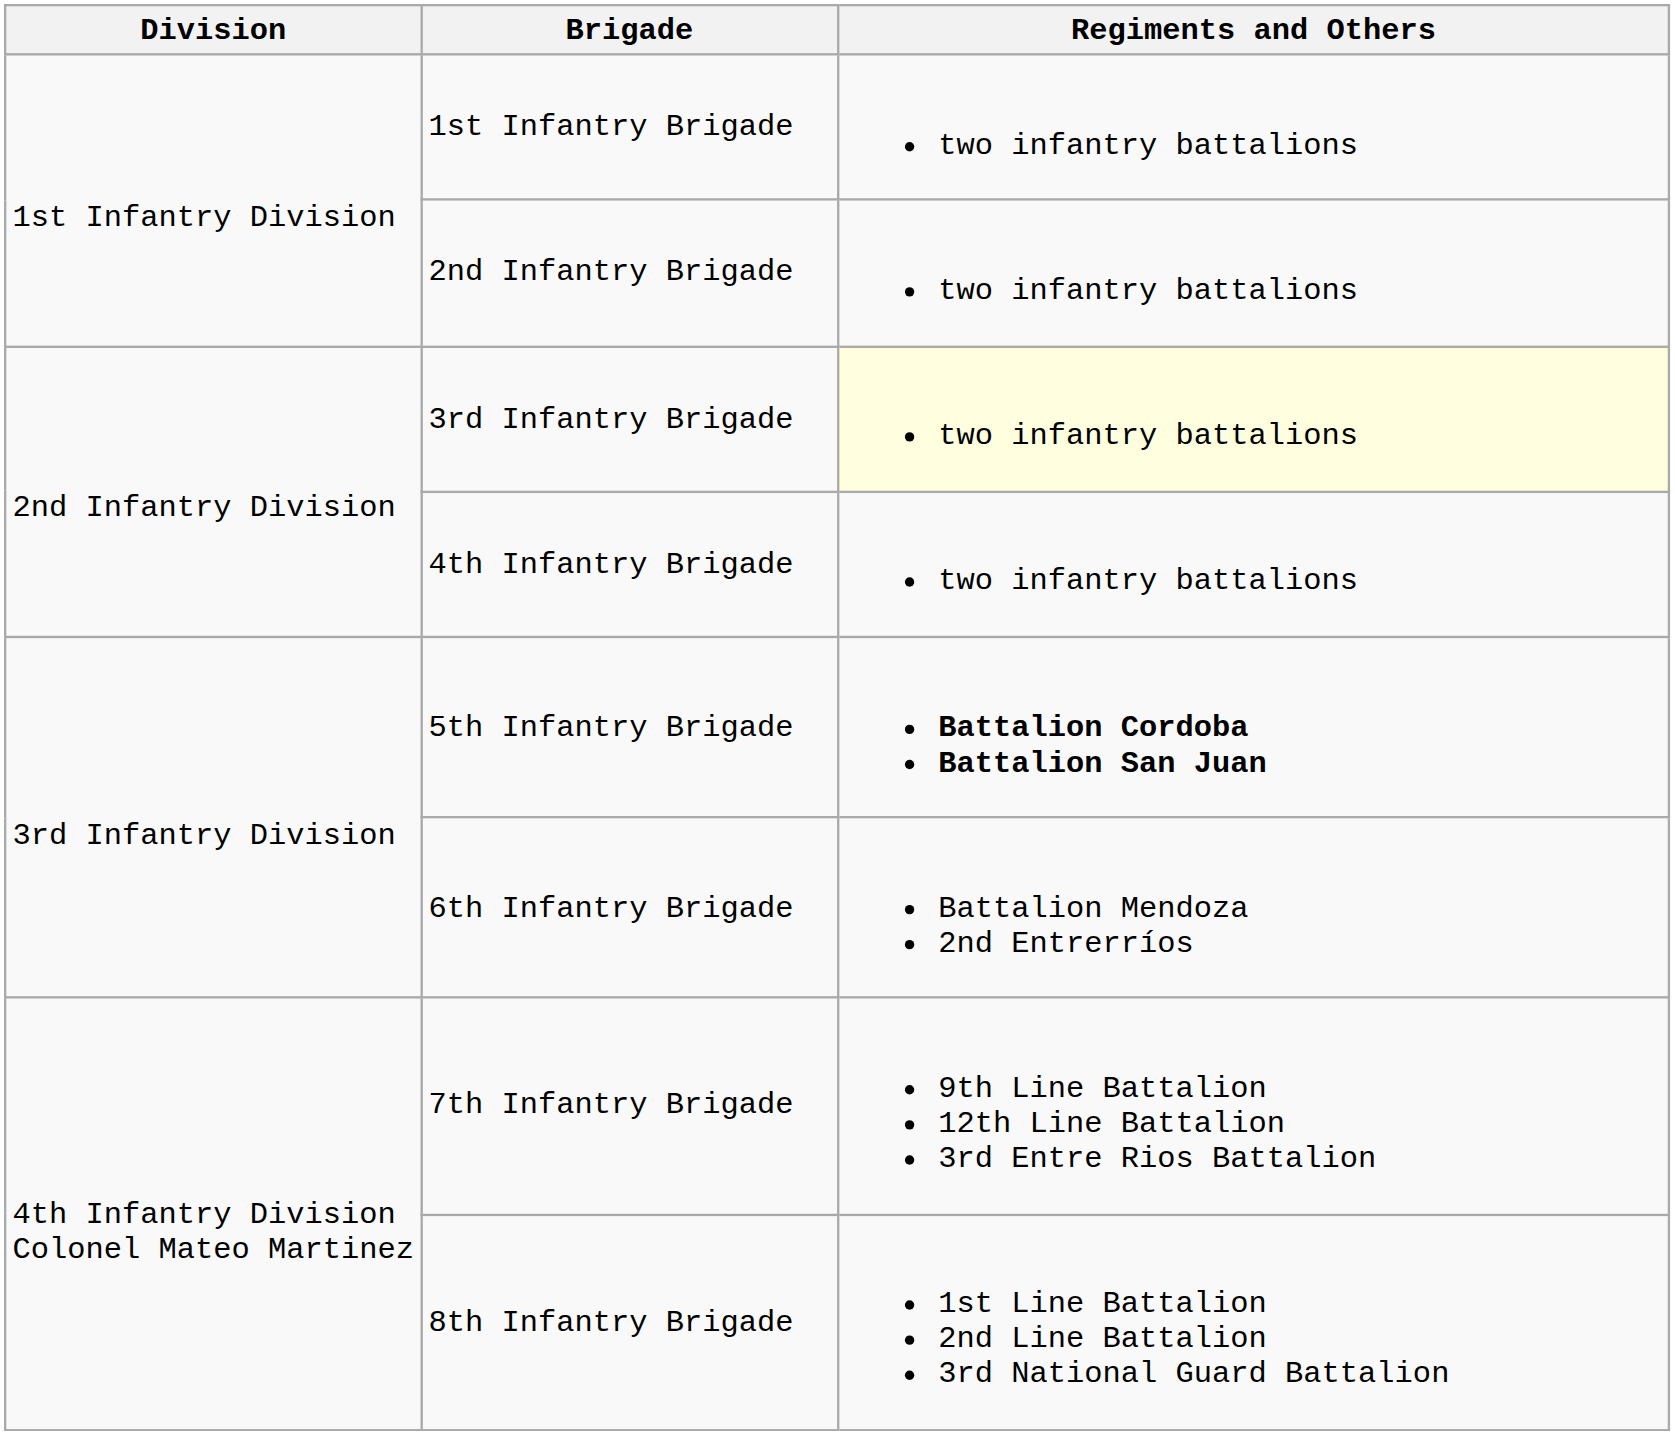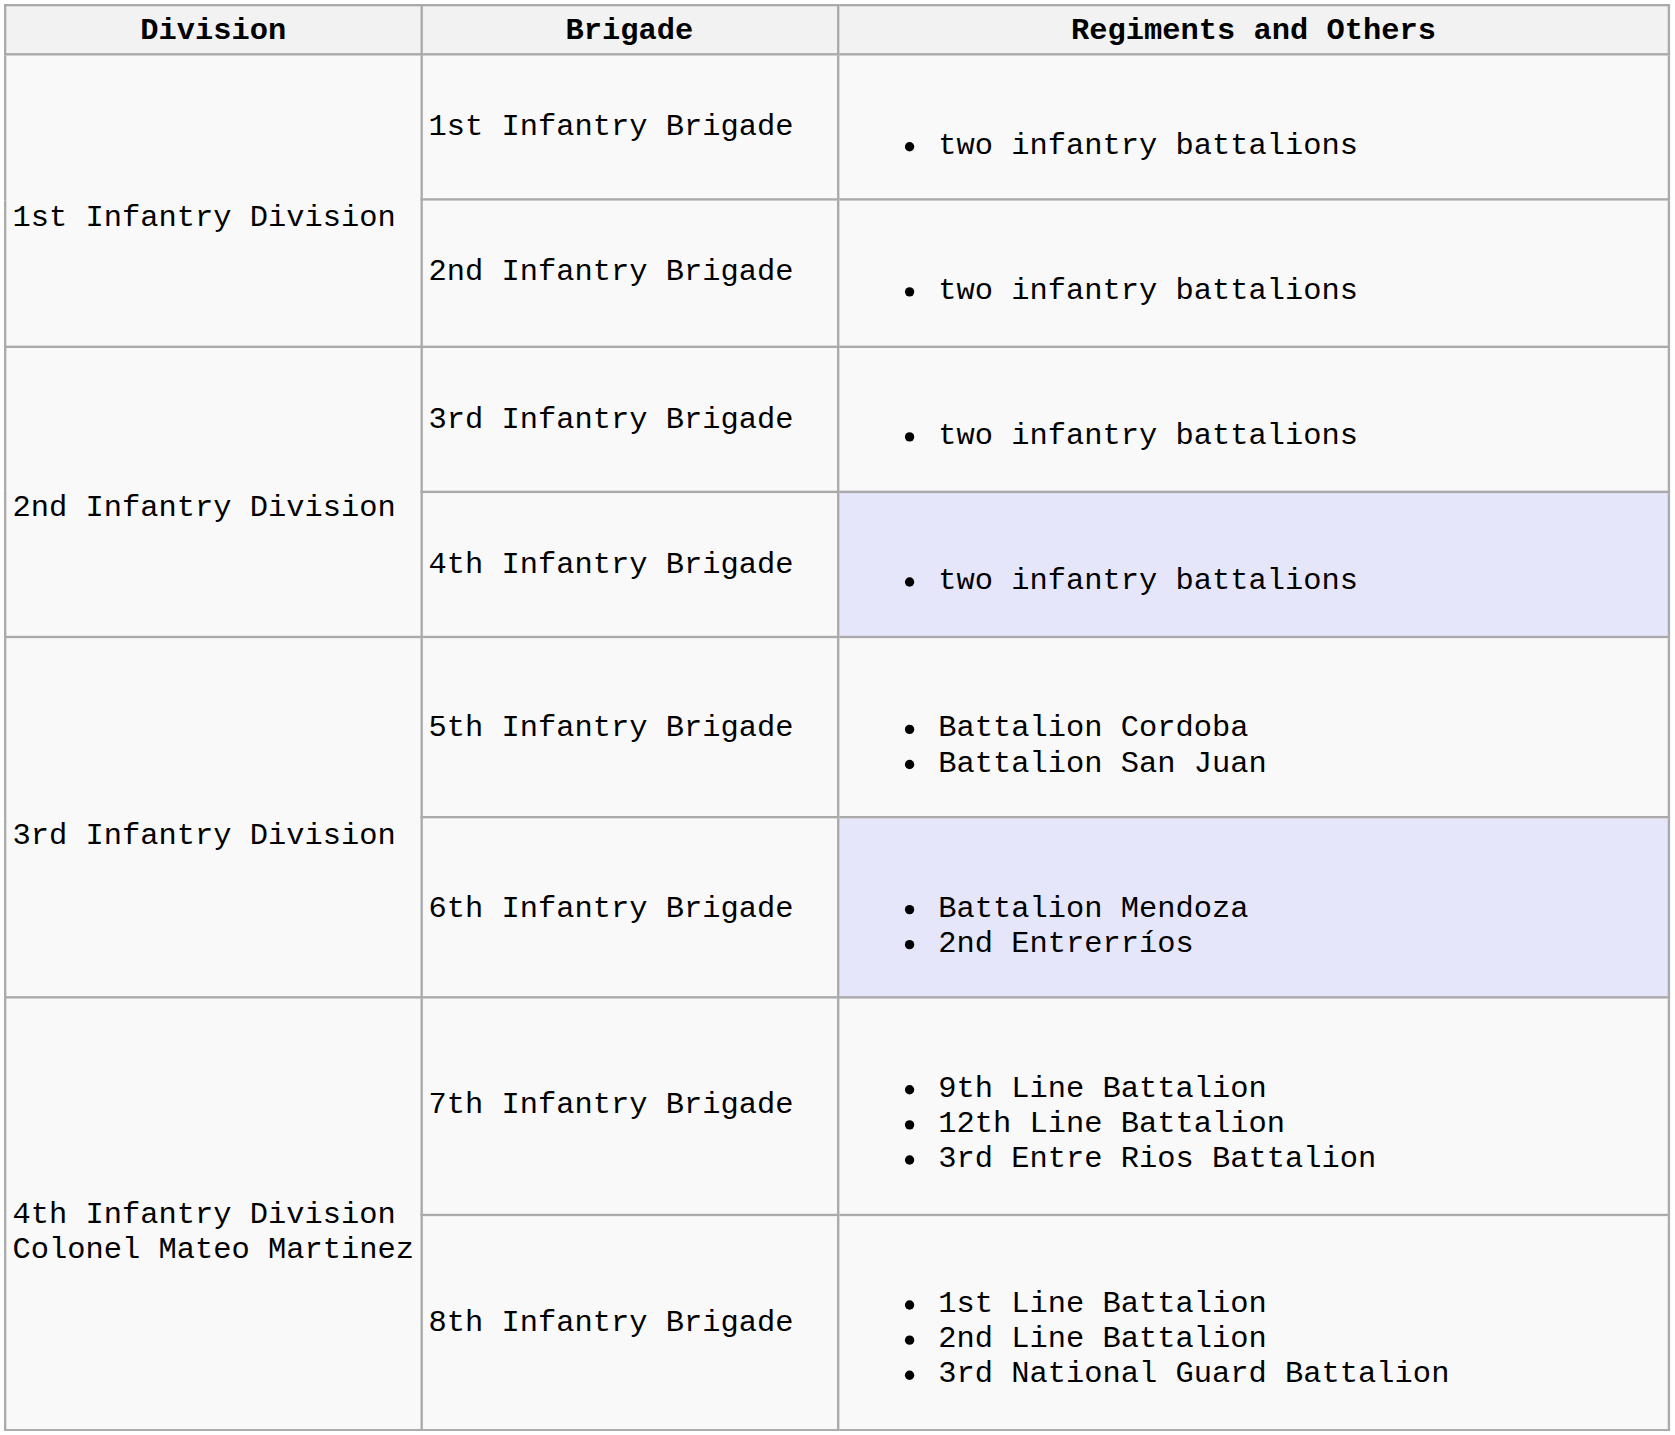 <table class="wikitable">
 <tr>
 <th style="width:25%;">Division</th>
 <th style="width:25%;">Brigade</th>
 <th>Regiments and Others</th>
 </tr>
 <tr>
 <td rowspan=2><br>1st Infantry Division</td>
 <td>1st Infantry Brigade</td>
 <td><br><ul><li>two infantry battalions</li></ul></td>
 </tr>
 <tr>
 <td>2nd Infantry Brigade</td>
 <td><br><ul><li>two infantry battalions</li></ul></td>
 </tr>
 <tr>
 <td rowspan=2><br>2nd Infantry Division</td>
 <td>3rd Infantry Brigade</td>
-<td style="background: lightyellow;"><br><ul><li>two infantry battalions</li></ul></td>
+<td><br><ul><li>two infantry battalions</li></ul></td>
 </tr>
 <tr>
 <td>4th Infantry Brigade</td>
-<td><br><ul><li>two infantry battalions</li></ul></td>
+<td style="background: lavender;"><br><ul><li>two infantry battalions</li></ul></td>
 </tr>
 <tr>
 <td rowspan=2><br>3rd Infantry Division</td>
 <td>5th Infantry Brigade</td>
-<td><strong><br><ul><li>Battalion Cordoba</li><li>Battalion San Juan</li></ul></strong></td>
+<td><br><ul><li>Battalion Cordoba</li><li>Battalion San Juan</li></ul></td>
 </tr>
 <tr>
 <td>6th Infantry Brigade</td>
-<td><br><ul><li>Battalion Mendoza</li><li>2nd Entrerríos</li></ul></td>
+<td style="background: lavender;"><br><ul><li>Battalion Mendoza</li><li>2nd Entrerríos</li></ul></td>
 </tr>
 <tr>
 <td rowspan=2><br>4th Infantry Division <br> Colonel Mateo Martinez</td>
 <td>7th Infantry Brigade</td>
 <td><br><ul><li>9th Line Battalion</li><li>12th Line Battalion</li><li>3rd Entre Rios Battalion</li></ul></td>
 </tr>
 <tr>
 <td>8th Infantry Brigade</td>
 <td><br><ul><li>1st Line Battalion</li><li>2nd Line Battalion</li><li>3rd National Guard Battalion</li></ul></td>
 </tr>
 </table>
